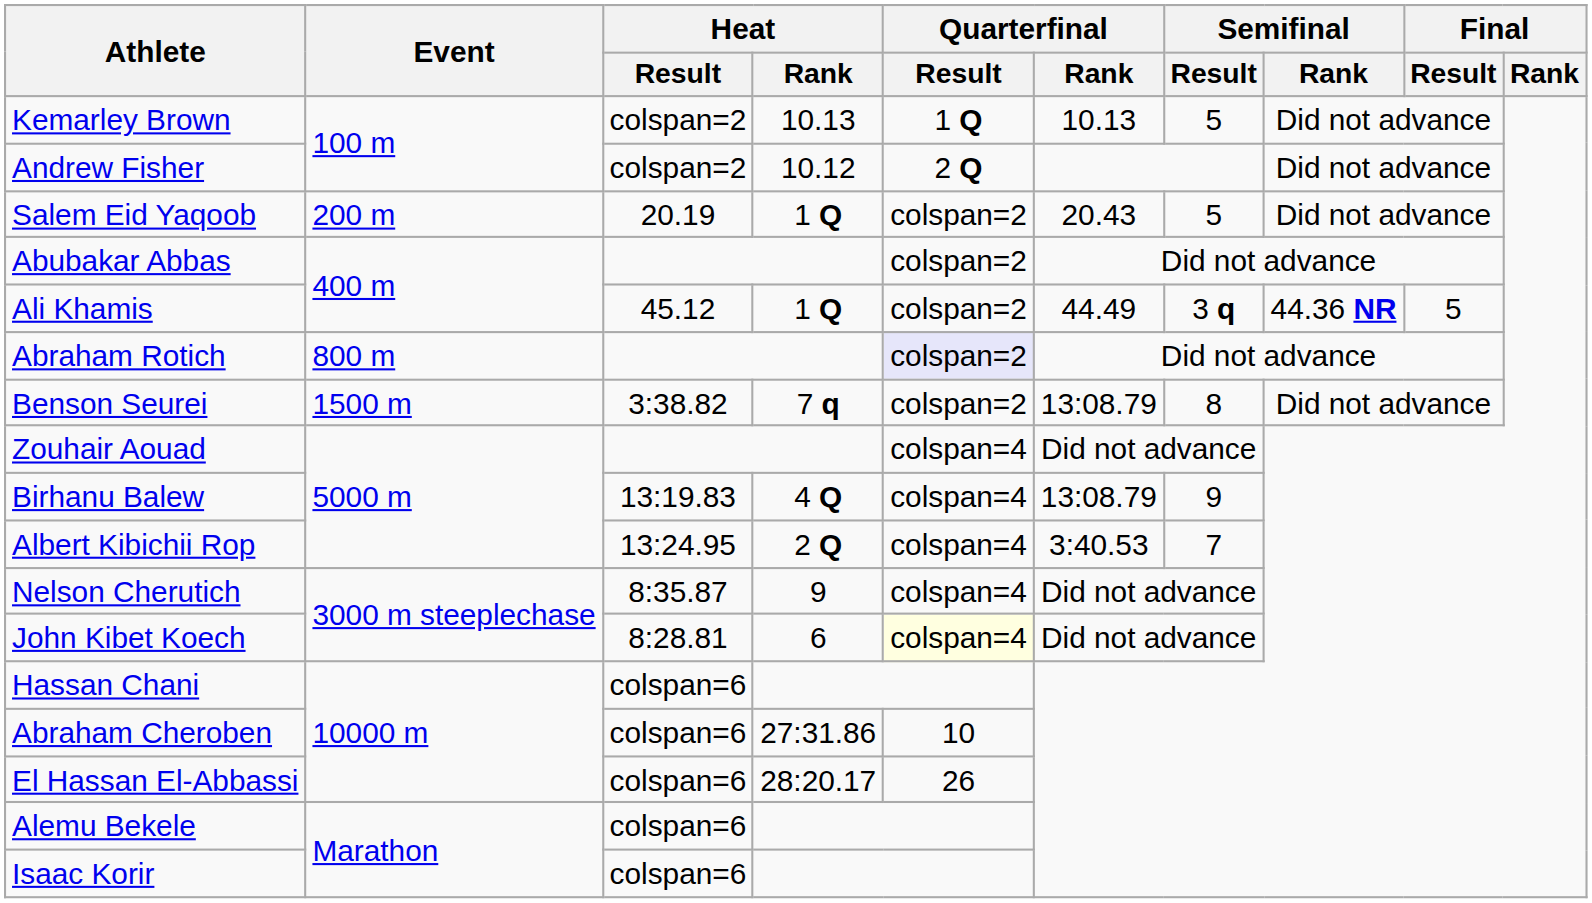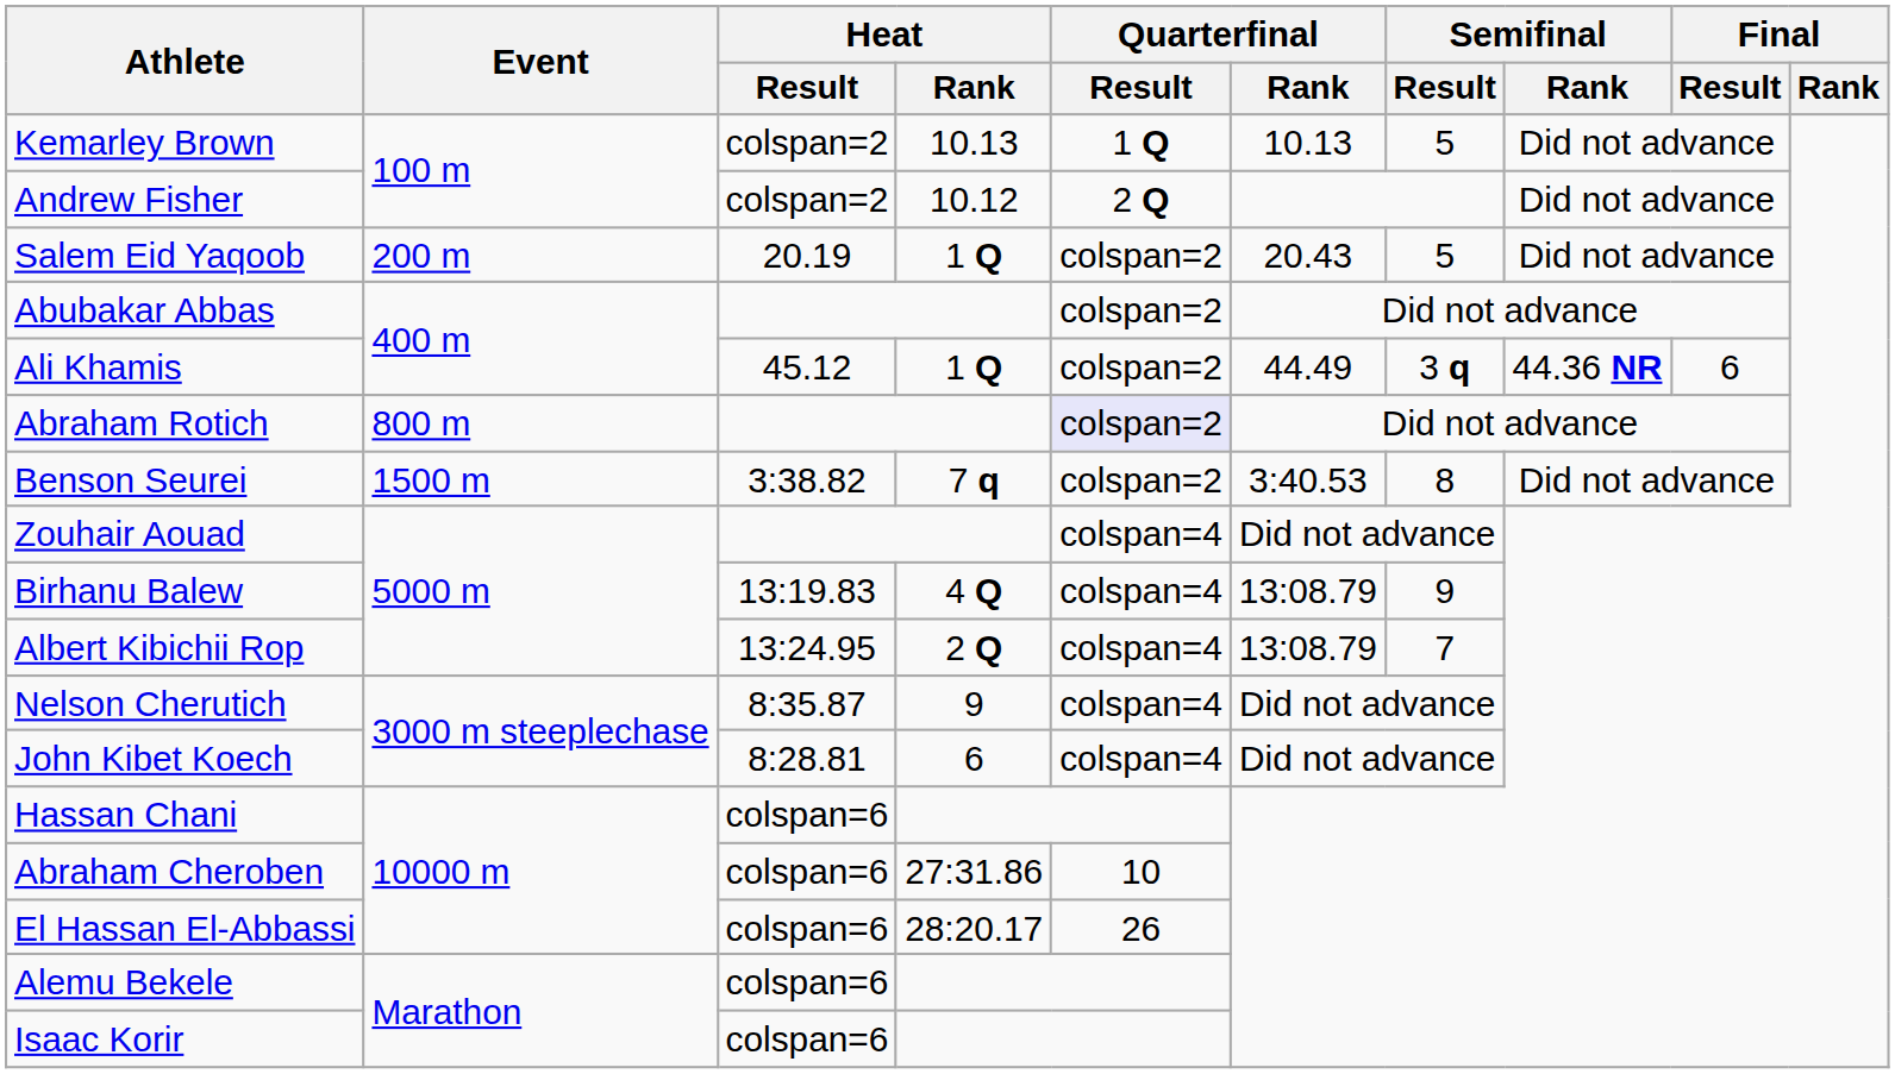 <table class="wikitable" style="font-size:90%">
 <tr>
 <th rowspan="2">Athlete</th>
 <th rowspan="2">Event</th>
 <th colspan="2">Heat</th>
 <th colspan="2">Quarterfinal</th>
 <th colspan="2">Semifinal</th>
 <th colspan="2">Final</th>
 </tr>
 <tr style="font-size:95%">
 <th>Result</th>
 <th>Rank</th>
 <th>Result</th>
 <th>Rank</th>
 <th>Result</th>
 <th>Rank</th>
 <th>Result</th>
 <th>Rank</th>
 </tr>
 <tr align=center>
 <td align=left><a href='#'>Kemarley Brown</a></td>
 <td align=left rowspan=2><a href='#'>100 m</a></td>
 <td>colspan=2 </td>
 <td>10.13</td>
 <td>1 <strong>Q</strong></td>
 <td>10.13</td>
 <td>5</td>
 <td colspan=2>Did not advance</td>
 </tr>
 <tr align=center>
 <td align=left><a href='#'>Andrew Fisher</a></td>
 <td>colspan=2 </td>
 <td>10.12</td>
 <td>2 <strong>Q</strong></td>
 <td colspan=2></td>
 <td colspan=2>Did not advance</td>
 </tr>
 <tr align=center>
 <td align=left><a href='#'>Salem Eid Yaqoob</a></td>
 <td align=left><a href='#'>200 m</a></td>
 <td>20.19</td>
 <td>1 <strong>Q</strong></td>
 <td>colspan=2 </td>
 <td>20.43</td>
 <td>5</td>
 <td colspan=2>Did not advance</td>
 </tr>
 <tr align=center>
 <td align=left><a href='#'>Abubakar Abbas</a></td>
 <td align=left rowspan=2><a href='#'>400 m</a></td>
 <td colspan=2></td>
 <td>colspan=2 </td>
 <td colspan=4>Did not advance</td>
 </tr>
 <tr align=center>
 <td align=left><a href='#'>Ali Khamis</a></td>
 <td>45.12</td>
 <td>1 <strong>Q</strong></td>
 <td>colspan=2 </td>
 <td>44.49</td>
 <td>3 <strong>q</strong></td>
 <td>44.36 <strong><a href='#'>NR</a></strong></td>
-<td>5</td>
+<td>6</td>
 </tr>
 <tr align=center>
 <td align=left><a href='#'>Abraham Rotich</a></td>
 <td align=left><a href='#'>800 m</a></td>
 <td colspan=2></td>
 <td style="background: lavender;">colspan=2 </td>
 <td colspan=4>Did not advance</td>
 </tr>
 <tr align=center>
 <td align=left><a href='#'>Benson Seurei</a></td>
 <td align=left><a href='#'>1500 m</a></td>
 <td>3:38.82</td>
 <td>7 <strong>q</strong></td>
 <td>colspan=2 </td>
-<td>13:08.79</td>
+<td>3:40.53</td>
 <td>8</td>
 <td colspan=2>Did not advance</td>
 </tr>
 <tr align=center>
 <td align=left><a href='#'>Zouhair Aouad</a></td>
 <td align=left rowspan=3><a href='#'>5000 m</a></td>
 <td colspan=2></td>
 <td>colspan=4 </td>
 <td colspan=2>Did not advance</td>
 </tr>
 <tr align=center>
 <td align=left><a href='#'>Birhanu Balew</a></td>
 <td>13:19.83</td>
 <td>4 <strong>Q</strong></td>
 <td>colspan=4 </td>
 <td>13:08.79</td>
 <td>9</td>
 </tr>
 <tr align=center>
 <td align=left><a href='#'>Albert Kibichii Rop</a></td>
 <td>13:24.95</td>
 <td>2 <strong>Q</strong></td>
 <td>colspan=4 </td>
-<td>3:40.53</td>
+<td>13:08.79</td>
 <td>7</td>
 </tr>
 <tr align=center>
 <td align=left><a href='#'>Nelson Cherutich</a></td>
 <td align=left rowspan=2><a href='#'>3000 m steeplechase</a></td>
 <td>8:35.87</td>
 <td>9</td>
 <td>colspan=4 </td>
 <td colspan=2>Did not advance</td>
 </tr>
 <tr align=center>
 <td align=left><a href='#'>John Kibet Koech</a></td>
 <td>8:28.81</td>
 <td>6</td>
-<td style="background: lightyellow;">colspan=4 </td>
+<td>colspan=4 </td>
 <td colspan=2>Did not advance</td>
 </tr>
 <tr align=center>
 <td align=left><a href='#'>Hassan Chani</a></td>
 <td align=left rowspan=3><a href='#'>10000 m</a></td>
 <td>colspan=6 </td>
 <td colspan=2></td>
 </tr>
 <tr align=center>
 <td align=left><a href='#'>Abraham Cheroben</a></td>
 <td>colspan=6 </td>
 <td>27:31.86</td>
 <td>10</td>
 </tr>
 <tr align=center>
 <td align=left><a href='#'>El Hassan El-Abbassi</a></td>
 <td>colspan=6 </td>
 <td>28:20.17</td>
 <td>26</td>
 </tr>
 <tr align=center>
 <td align=left><a href='#'>Alemu Bekele</a></td>
 <td align=left rowspan=2><a href='#'>Marathon</a></td>
 <td>colspan=6 </td>
 <td colspan=2></td>
 </tr>
 <tr align=center>
 <td align=left><a href='#'>Isaac Korir</a></td>
 <td>colspan=6 </td>
 <td colspan=2></td>
 </tr>
 </table>
